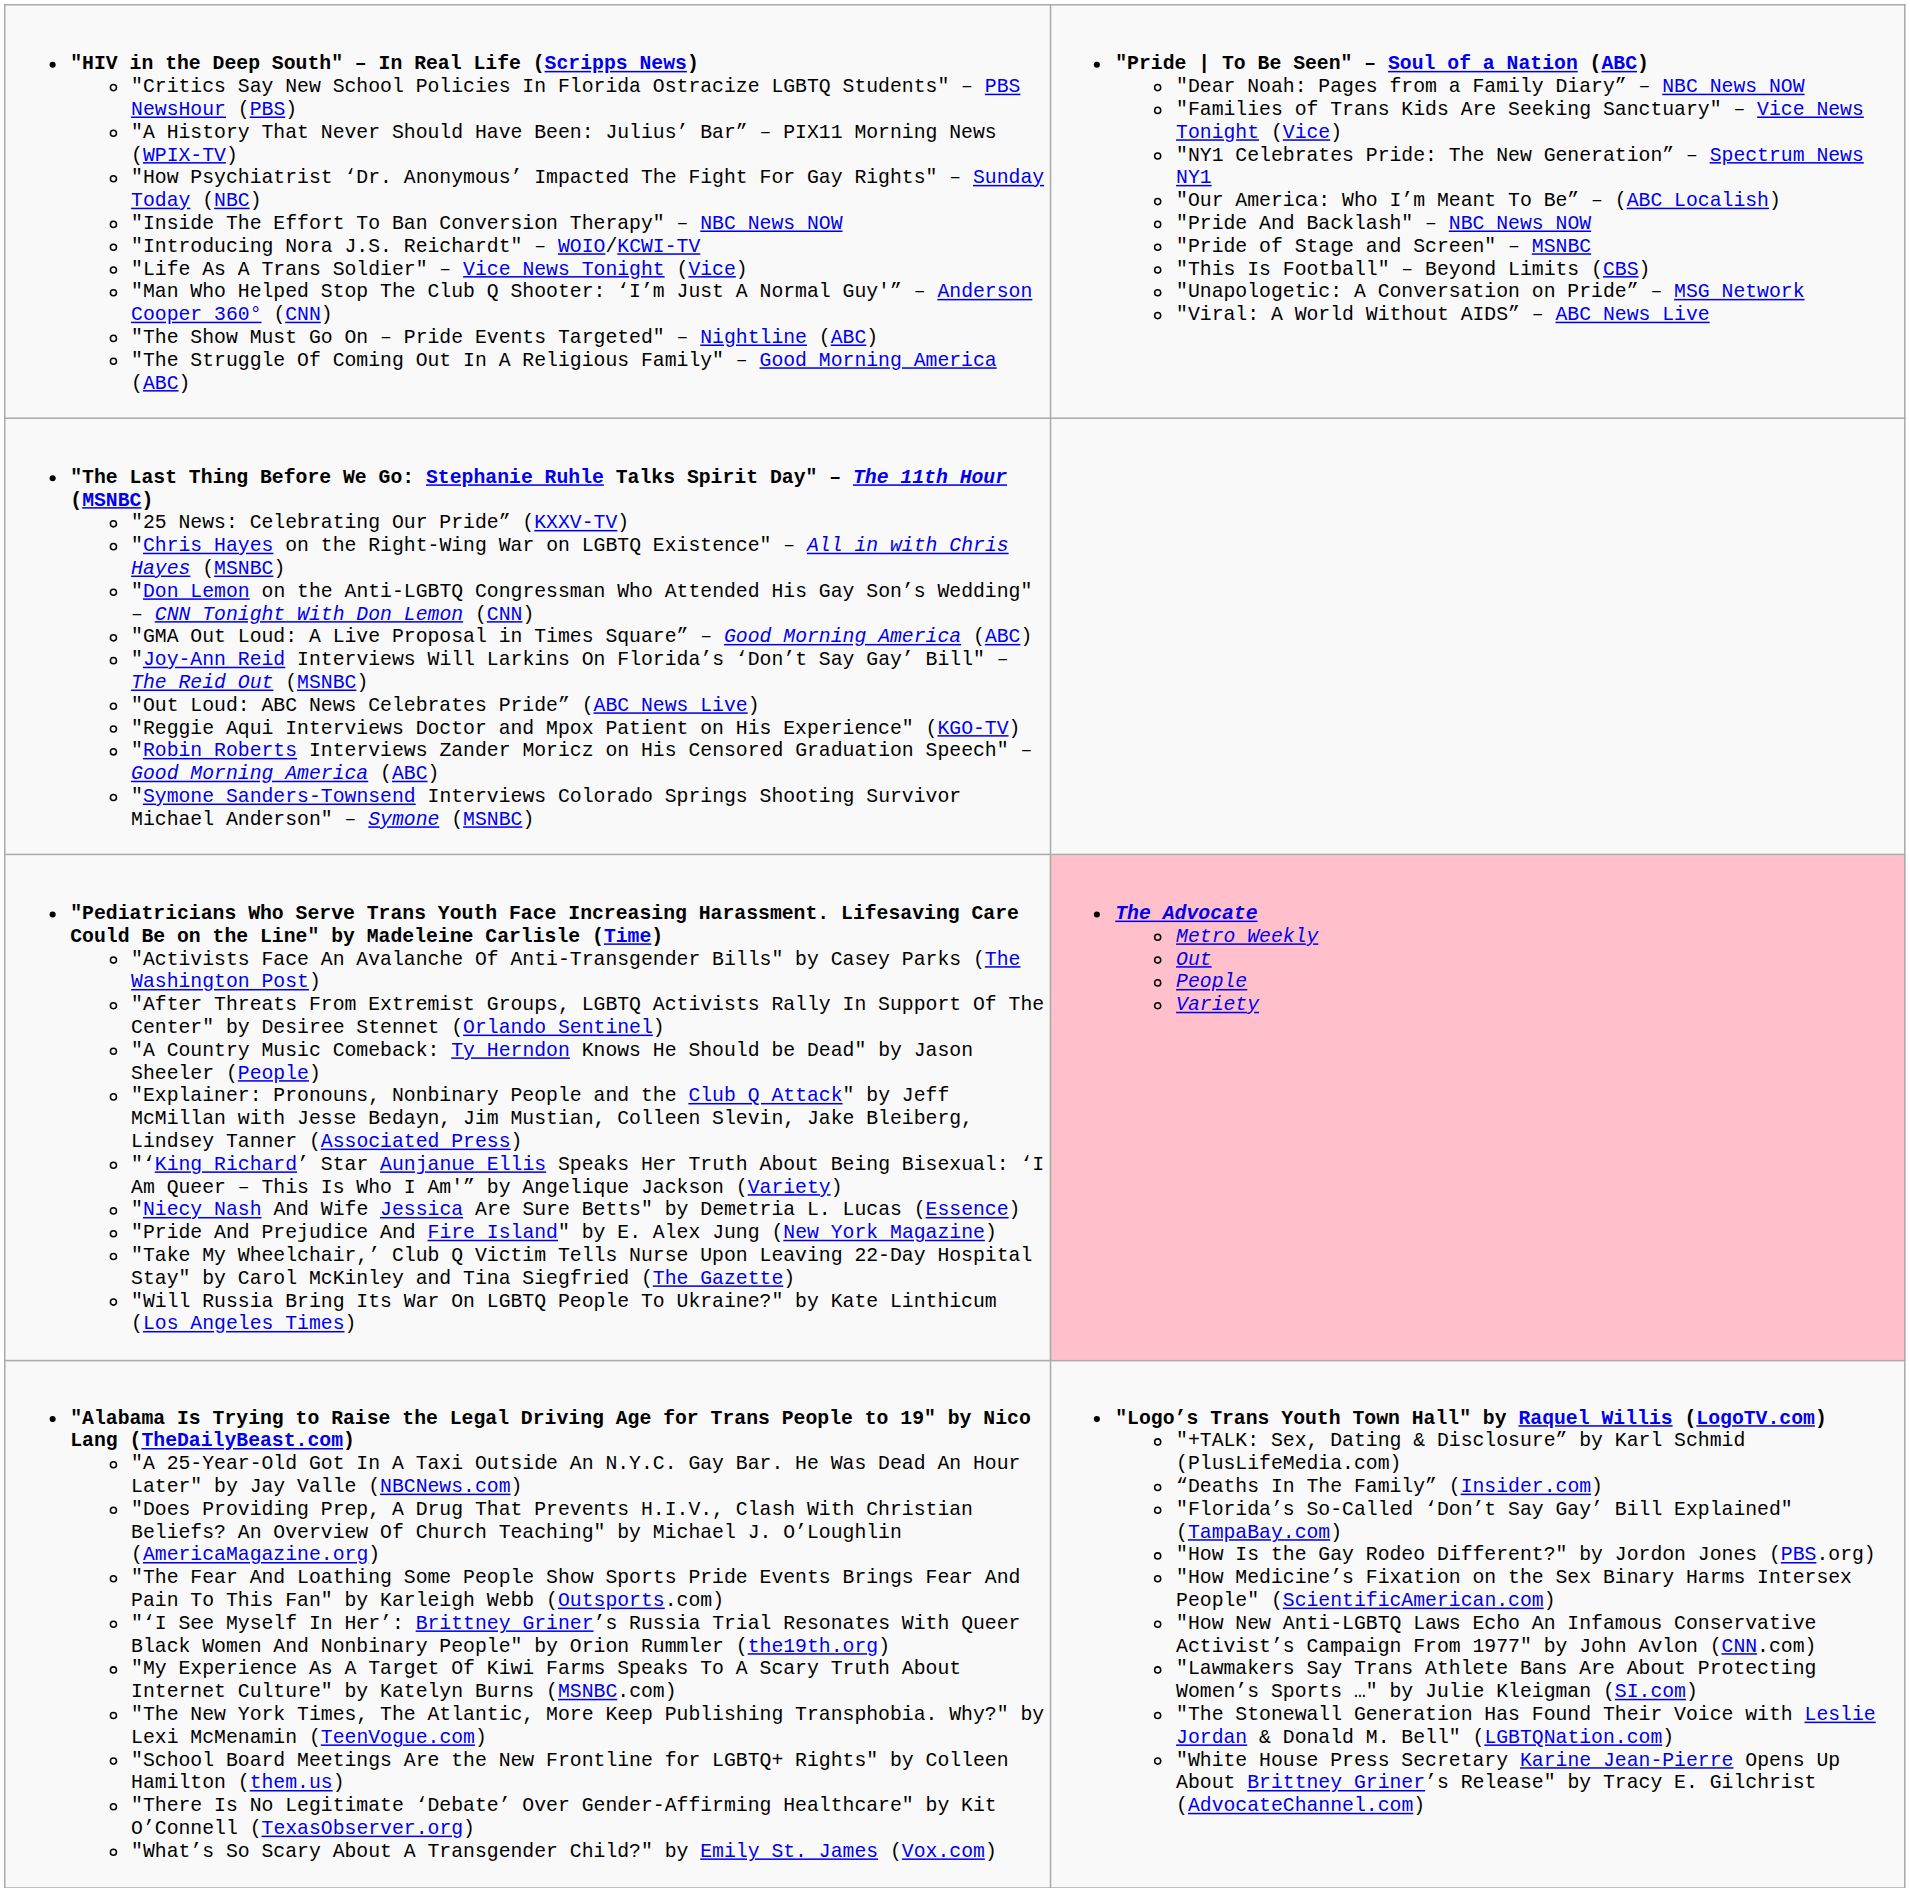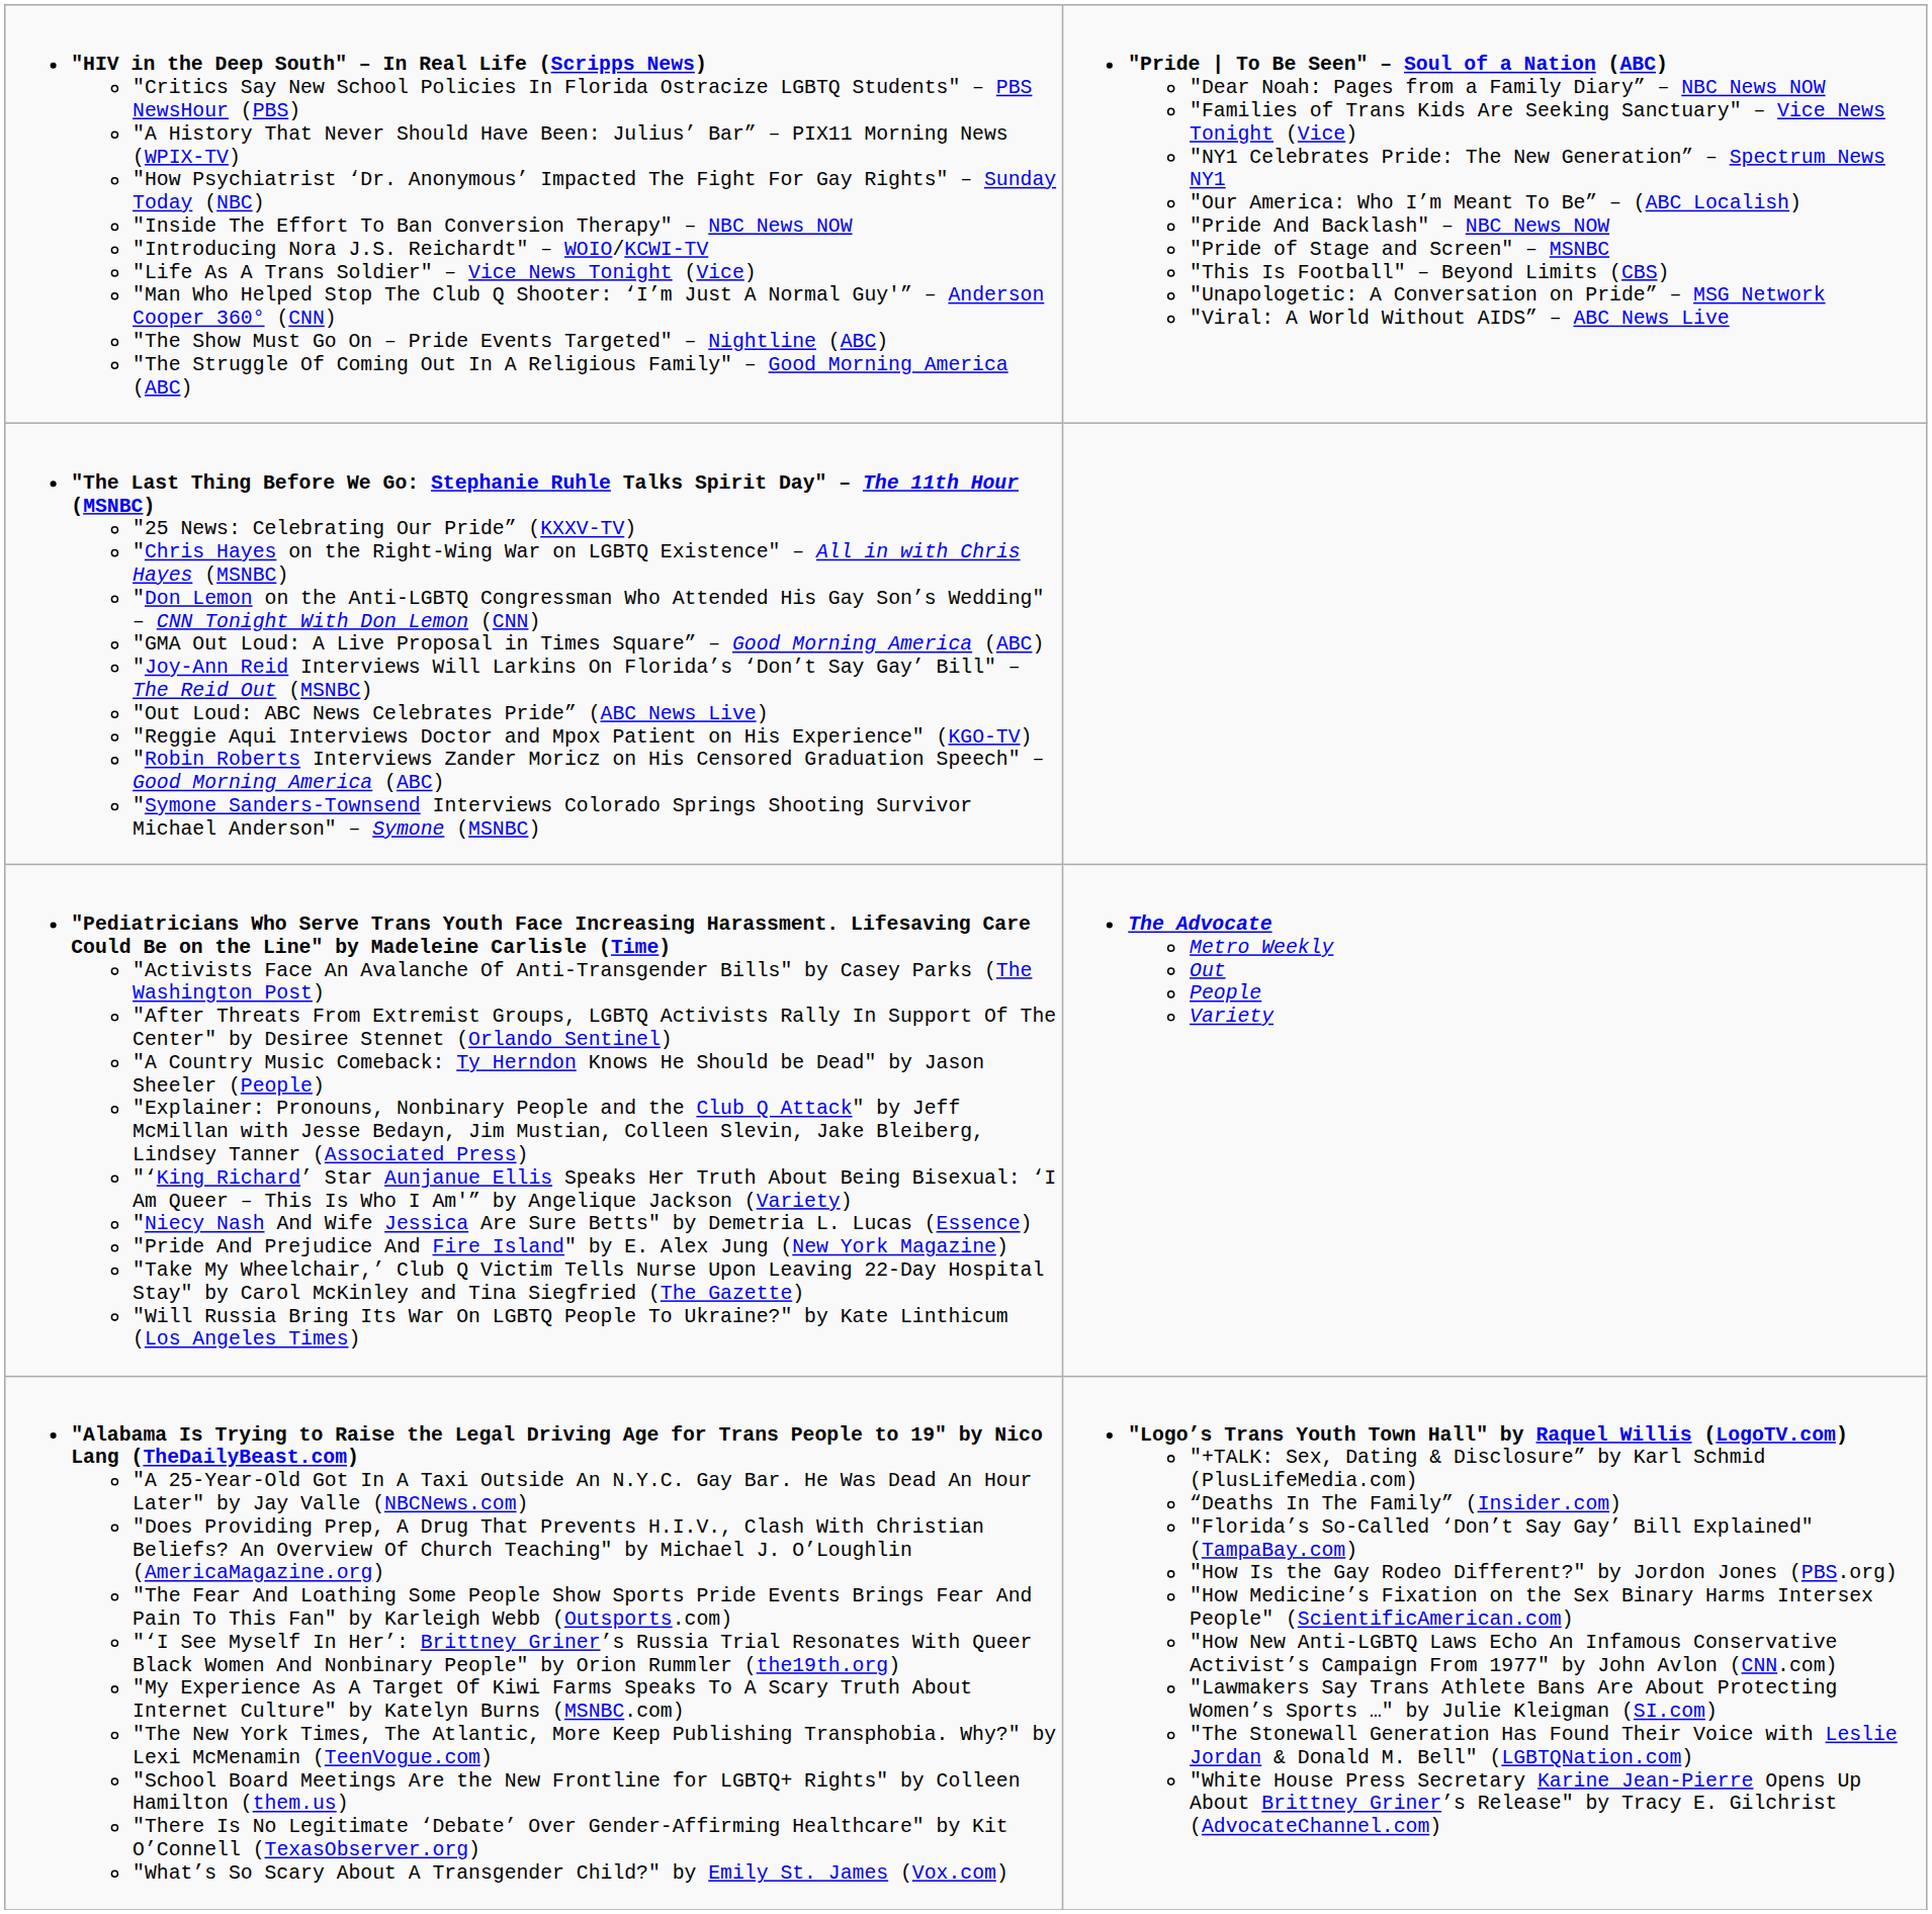 <table class=wikitable>
 <tr>
 <td style="vertical-align:top; width:55%;"><br><ul><li><strong>"HIV in the Deep South" – In Real Life (<a href='#'>Scripps News</a>)</strong><ul><li>"Critics Say New School Policies In Florida Ostracize LGBTQ Students" – <a href='#'>PBS NewsHour</a> (<a href='#'>PBS</a>)</li><li>"A History That Never Should Have Been: Julius’ Bar” – PIX11 Morning News (<a href='#'>WPIX-TV</a>)</li><li>"How Psychiatrist ‘Dr. Anonymous’ Impacted The Fight For Gay Rights" – <a href='#'>Sunday Today</a> (<a href='#'>NBC</a>)</li><li>"Inside The Effort To Ban Conversion Therapy" – <a href='#'>NBC News NOW</a></li><li>"Introducing Nora J.S. Reichardt" – <a href='#'>WOIO</a>/<a href='#'>KCWI-TV</a></li><li>"Life As A Trans Soldier" – <a href='#'>Vice News Tonight</a> (<a href='#'>Vice</a>)</li><li>"Man Who Helped Stop The Club Q Shooter: ‘I’m Just A Normal Guy'” – <a href='#'>Anderson Cooper 360°</a> (<a href='#'>CNN</a>)</li><li>"The Show Must Go On – Pride Events Targeted" – <a href='#'>Nightline</a> (<a href='#'>ABC</a>)</li><li>"The Struggle Of Coming Out In A Religious Family" – <a href='#'>Good Morning America</a> (<a href='#'>ABC</a>)</li></ul></li></ul></td>
 <td style="vertical-align:top; width:45%;"><br><ul><li><strong>"Pride | To Be Seen" – <a href='#'>Soul of a Nation</a> (<a href='#'>ABC</a>)</strong><ul><li>"Dear Noah: Pages from a Family Diary” – <a href='#'>NBC News NOW</a></li><li>"Families of Trans Kids Are Seeking Sanctuary" – <a href='#'>Vice News Tonight</a> (<a href='#'>Vice</a>)</li><li>"NY1 Celebrates Pride: The New Generation” – <a href='#'>Spectrum News NY1</a></li><li>"Our America: Who I’m Meant To Be” – (<a href='#'>ABC Localish</a>)</li><li>"Pride And Backlash" – <a href='#'>NBC News NOW</a></li><li>"Pride of Stage and Screen" – <a href='#'>MSNBC</a></li><li>"This Is Football" – Beyond Limits (<a href='#'>CBS</a>)</li><li>"Unapologetic: A Conversation on Pride” – <a href='#'>MSG Network</a></li><li>"Viral: A World Without AIDS” – <a href='#'>ABC News Live</a></li></ul></li></ul></td>
 </tr>
 <tr>
 <td style="vertical-align:top; width:50%;"><br><ul><li><strong>"The Last Thing Before We Go: <a href='#'>Stephanie Ruhle</a> Talks Spirit Day" – <em><a href='#'>The 11th Hour</a></em> (<a href='#'>MSNBC</a>)</strong><ul><li>"25 News: Celebrating Our Pride” (<a href='#'>KXXV-TV</a>)</li><li>"<a href='#'>Chris Hayes</a> on the Right-Wing War on LGBTQ Existence" – <em><a href='#'>All in with Chris Hayes</a></em> (<a href='#'>MSNBC</a>)</li><li>"<a href='#'>Don Lemon</a> on the Anti-LGBTQ Congressman Who Attended His Gay Son’s Wedding" – <em><a href='#'>CNN Tonight With Don Lemon</a></em> (<a href='#'>CNN</a>)</li><li>"GMA Out Loud: A Live Proposal in Times Square” – <em><a href='#'>Good Morning America</a></em> (<a href='#'>ABC</a>)</li><li>"<a href='#'>Joy-Ann Reid</a> Interviews Will Larkins On Florida’s ‘Don’t Say Gay’ Bill" – <em><a href='#'>The Reid Out</a></em> (<a href='#'>MSNBC</a>)</li><li>"Out Loud: ABC News Celebrates Pride” (<a href='#'>ABC News Live</a>)</li><li>"Reggie Aqui Interviews Doctor and Mpox Patient on His Experience" (<a href='#'>KGO-TV</a>)</li><li>"<a href='#'>Robin Roberts</a> Interviews Zander Moricz on His Censored Graduation Speech" – <em><a href='#'>Good Morning America</a></em> (<a href='#'>ABC</a>)</li><li>"<a href='#'>Symone Sanders-Townsend</a> Interviews Colorado Springs Shooting Survivor Michael Anderson" – <em><a href='#'>Symone</a></em> (<a href='#'>MSNBC</a>)</li></ul></li></ul></td>
 </tr>
 <tr>
 <td style="vertical-align:top; width:50%;"><br><ul><li><strong>"Pediatricians Who Serve Trans Youth Face Increasing Harassment. Lifesaving Care Could Be on the Line" by Madeleine Carlisle (<a href='#'>Time</a>)</strong><ul><li>"Activists Face An Avalanche Of Anti-Transgender Bills" by Casey Parks (<a href='#'>The Washington Post</a>)</li><li>"After Threats From Extremist Groups, LGBTQ Activists Rally In Support Of The Center" by Desiree Stennet (<a href='#'>Orlando Sentinel</a>)</li><li>"A Country Music Comeback: <a href='#'>Ty Herndon</a> Knows He Should be Dead" by Jason Sheeler (<a href='#'>People</a>)</li><li>"Explainer: Pronouns, Nonbinary People and the <a href='#'>Club Q Attack</a>" by Jeff McMillan with Jesse Bedayn, Jim Mustian, Colleen Slevin, Jake Bleiberg, Lindsey Tanner (<a href='#'>Associated Press</a>)</li><li>"‘<a href='#'>King Richard</a>’ Star <a href='#'>Aunjanue Ellis</a> Speaks Her Truth About Being Bisexual: ‘I Am Queer – This Is Who I Am'” by Angelique Jackson (<a href='#'>Variety</a>)</li><li>"<a href='#'>Niecy Nash</a> And Wife <a href='#'>Jessica</a> Are Sure Betts" by Demetria L. Lucas (<a href='#'>Essence</a>)</li><li>"Pride And Prejudice And <a href='#'>Fire Island</a>" by E. Alex Jung (<a href='#'>New York Magazine</a>)</li><li>"Take My Wheelchair,’ Club Q Victim Tells Nurse Upon Leaving 22-Day Hospital Stay" by Carol McKinley and Tina Siegfried (<a href='#'>The Gazette</a>)</li><li>"Will Russia Bring Its War On LGBTQ People To Ukraine?" by Kate Linthicum (<a href='#'>Los Angeles Times</a>)</li></ul></li></ul></td>
-<td style="background: pink; vertical-align:top; width:50%;"><br><ul><li><strong><em><a href='#'>The Advocate</a></em></strong><ul><li><em><a href='#'>Metro Weekly</a></em></li><li><em><a href='#'>Out</a></em></li><li><em><a href='#'>People</a></em></li><li><em><a href='#'>Variety</a></em></li></ul></li></ul></td>
+<td style="vertical-align:top; width:50%;"><br><ul><li><strong><em><a href='#'>The Advocate</a></em></strong><ul><li><em><a href='#'>Metro Weekly</a></em></li><li><em><a href='#'>Out</a></em></li><li><em><a href='#'>People</a></em></li><li><em><a href='#'>Variety</a></em></li></ul></li></ul></td>
 </tr>
 <tr>
 <td style="vertical-align:top; width:50%;"><br><ul><li><strong>"Alabama Is Trying to Raise the Legal Driving Age for Trans People to 19" by Nico Lang (<a href='#'>TheDailyBeast.com</a>)</strong><ul><li>"A 25-Year-Old Got In A Taxi Outside An N.Y.C. Gay Bar. He Was Dead An Hour Later" by Jay Valle (<a href='#'>NBCNews.com</a>)</li><li>"Does Providing Prep, A Drug That Prevents H.I.V., Clash With Christian Beliefs? An Overview Of Church Teaching" by Michael J. O’Loughlin (<a href='#'>AmericaMagazine.org</a>)</li><li>"The Fear And Loathing Some People Show Sports Pride Events Brings Fear And Pain To This Fan" by Karleigh Webb (<a href='#'>Outsports</a>.com)</li><li>"‘I See Myself In Her’: <a href='#'>Brittney Griner</a>’s Russia Trial Resonates With Queer Black Women And Nonbinary People" by Orion Rummler (<a href='#'>the19th.org</a>)</li><li>"My Experience As A Target Of Kiwi Farms Speaks To A Scary Truth About Internet Culture" by Katelyn Burns (<a href='#'>MSNBC</a>.com)</li><li>"The New York Times, The Atlantic, More Keep Publishing Transphobia. Why?" by Lexi McMenamin (<a href='#'>TeenVogue.com</a>)</li><li>"School Board Meetings Are the New Frontline for LGBTQ+ Rights" by Colleen Hamilton (<a href='#'>them.us</a>)</li><li>"There Is No Legitimate ‘Debate’ Over Gender-Affirming Healthcare" by Kit O’Connell (<a href='#'>TexasObserver.org</a>)</li><li>"What’s So Scary About A Transgender Child?" by <a href='#'>Emily St. James</a> (<a href='#'>Vox.com</a>)</li></ul></li></ul></td>
 <td style="vertical-align:top; width:50%;"><br><ul><li><strong>"Logo’s Trans Youth Town Hall" by <a href='#'>Raquel Willis</a> (<a href='#'>LogoTV.com</a>)</strong><ul><li>"+TALK: Sex, Dating & Disclosure” by Karl Schmid (PlusLifeMedia.com)</li><li>“Deaths In The Family” (<a href='#'>Insider.com</a>)</li><li>"Florida’s So-Called ‘Don’t Say Gay’ Bill Explained" (<a href='#'>TampaBay.com</a>)</li><li>"How Is the Gay Rodeo Different?" by Jordon Jones (<a href='#'>PBS</a>.org)</li><li>"How Medicine’s Fixation on the Sex Binary Harms Intersex People" (<a href='#'>ScientificAmerican.com</a>)</li><li>"How New Anti-LGBTQ Laws Echo An Infamous Conservative Activist’s Campaign From 1977" by John Avlon (<a href='#'>CNN</a>.com)</li><li>"Lawmakers Say Trans Athlete Bans Are About Protecting Women’s Sports …" by Julie Kleigman (<a href='#'>SI.com</a>)</li><li>"The Stonewall Generation Has Found Their Voice with <a href='#'>Leslie Jordan</a> & Donald M. Bell" (<a href='#'>LGBTQNation.com</a>)</li><li>"White House Press Secretary <a href='#'>Karine Jean-Pierre</a> Opens Up About <a href='#'>Brittney Griner</a>’s Release" by Tracy E. Gilchrist (<a href='#'>AdvocateChannel.com</a>)</li></ul></li></ul></td>
 </tr>
 </table>
